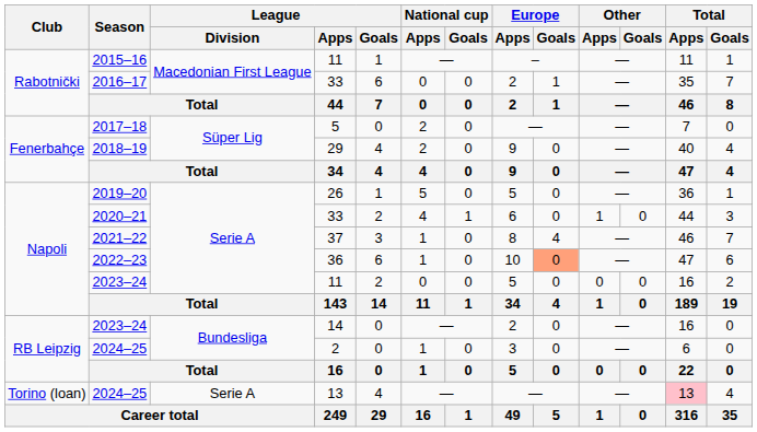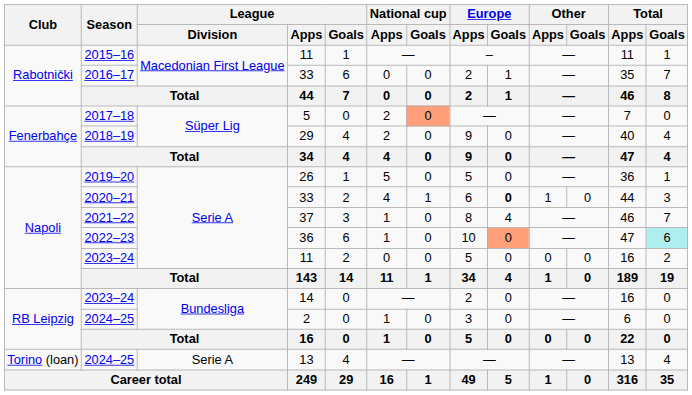 <table class="wikitable" style="text-align:center">
 <tr>
 <th rowspan="2">Club</th>
 <th rowspan="2">Season</th>
 <th colspan="3">League</th>
 <th colspan="2">National cup</th>
 <th colspan="2"><a href='#'>Europe</a></th>
 <th colspan="2">Other</th>
 <th colspan="2">Total</th>
 </tr>
 <tr>
 <th>Division</th>
 <th>Apps</th>
 <th>Goals</th>
 <th>Apps</th>
 <th>Goals</th>
 <th>Apps</th>
 <th>Goals</th>
 <th>Apps</th>
 <th>Goals</th>
 <th>Apps</th>
 <th>Goals</th>
 </tr>
 <tr>
 <td rowspan="3"><a href='#'>Rabotnički</a></td>
 <td><a href='#'>2015–16</a></td>
 <td rowspan="2"><a href='#'>Macedonian First League</a></td>
 <td>11</td>
 <td>1</td>
 <td colspan="2">—</td>
 <td colspan="2">–</td>
 <td colspan="2">—</td>
 <td>11</td>
 <td>1</td>
 </tr>
 <tr>
 <td><a href='#'>2016–17</a></td>
 <td>33</td>
 <td>6</td>
 <td>0</td>
 <td>0</td>
 <td>2</td>
 <td>1</td>
 <td colspan="2">—</td>
 <td>35</td>
 <td>7</td>
 </tr>
 <tr>
 <th colspan="2">Total</th>
 <th>44</th>
 <th>7</th>
 <th>0</th>
 <th>0</th>
 <th>2</th>
 <th>1</th>
 <th colspan="2">—</th>
 <th>46</th>
 <th>8</th>
 </tr>
 <tr>
 <td rowspan="3"><a href='#'>Fenerbahçe</a></td>
 <td><a href='#'>2017–18</a></td>
 <td rowspan="2"><a href='#'>Süper Lig</a></td>
 <td>5</td>
 <td>0</td>
 <td>2</td>
-<td>0</td>
+<td style="background: lightsalmon;">0</td>
 <td colspan="2">—</td>
 <td colspan="2">—</td>
 <td>7</td>
 <td>0</td>
 </tr>
 <tr>
 <td><a href='#'>2018–19</a></td>
 <td>29</td>
 <td>4</td>
 <td>2</td>
 <td>0</td>
 <td>9</td>
 <td>0</td>
 <td colspan="2">—</td>
 <td>40</td>
 <td>4</td>
 </tr>
 <tr>
 <th colspan="2">Total</th>
 <th>34</th>
 <th>4</th>
 <th>4</th>
 <th>0</th>
 <th>9</th>
 <th>0</th>
 <th colspan="2">—</th>
 <th>47</th>
 <th>4</th>
 </tr>
 <tr>
 <td rowspan="6"><a href='#'>Napoli</a></td>
 <td><a href='#'>2019–20</a></td>
 <td rowspan="5"><a href='#'>Serie A</a></td>
 <td>26</td>
 <td>1</td>
 <td>5</td>
 <td>0</td>
 <td>5</td>
 <td>0</td>
 <td colspan="2">—</td>
 <td>36</td>
 <td>1</td>
 </tr>
 <tr>
 <td><a href='#'>2020–21</a></td>
 <td>33</td>
 <td>2</td>
 <td>4</td>
 <td>1</td>
 <td>6</td>
-<td>0</td>
+<td><strong>0</strong></td>
 <td>1</td>
 <td>0</td>
 <td>44</td>
 <td>3</td>
 </tr>
 <tr>
 <td><a href='#'>2021–22</a></td>
 <td>37</td>
 <td>3</td>
 <td>1</td>
 <td>0</td>
 <td>8</td>
 <td>4</td>
 <td colspan="2">—</td>
 <td>46</td>
 <td>7</td>
 </tr>
 <tr>
 <td><a href='#'>2022–23</a></td>
 <td>36</td>
 <td>6</td>
 <td>1</td>
 <td>0</td>
 <td>10</td>
 <td style="background: lightsalmon;">0</td>
 <td colspan="2">—</td>
 <td>47</td>
-<td>6</td>
+<td style="background: paleturquoise;">6</td>
 </tr>
 <tr>
 <td><a href='#'>2023–24</a></td>
 <td>11</td>
 <td>2</td>
 <td>0</td>
 <td>0</td>
 <td>5</td>
 <td>0</td>
 <td>0</td>
 <td>0</td>
 <td>16</td>
 <td>2</td>
 </tr>
 <tr>
 <th colspan="2">Total</th>
 <th>143</th>
 <th>14</th>
 <th>11</th>
 <th>1</th>
 <th>34</th>
 <th>4</th>
 <th>1</th>
 <th>0</th>
 <th>189</th>
 <th>19</th>
 </tr>
 <tr>
 <td rowspan="3"><a href='#'>RB Leipzig</a></td>
 <td><a href='#'>2023–24</a></td>
 <td rowspan="2"><a href='#'>Bundesliga</a></td>
 <td>14</td>
 <td>0</td>
 <td colspan="2">—</td>
 <td>2</td>
 <td>0</td>
 <td colspan="2">—</td>
 <td>16</td>
 <td>0</td>
 </tr>
 <tr>
 <td><a href='#'>2024–25</a></td>
 <td>2</td>
 <td>0</td>
 <td>1</td>
 <td>0</td>
 <td>3</td>
 <td>0</td>
 <td colspan="2">—</td>
 <td>6</td>
 <td>0</td>
 </tr>
 <tr>
 <th colspan="2">Total</th>
 <th>16</th>
 <th>0</th>
 <th>1</th>
 <th>0</th>
 <th>5</th>
 <th>0</th>
 <th>0</th>
 <th>0</th>
 <th>22</th>
 <th>0</th>
 </tr>
 <tr>
 <td><a href='#'>Torino</a> (loan)</td>
 <td><a href='#'>2024–25</a></td>
 <td>Serie A</td>
 <td>13</td>
 <td>4</td>
 <td colspan="2">—</td>
 <td colspan="2">—</td>
 <td colspan="2">—</td>
-<td style="background: pink;">13</td>
+<td>13</td>
 <td>4</td>
 </tr>
 <tr>
 <th colspan="3">Career total</th>
 <th>249</th>
 <th>29</th>
 <th>16</th>
 <th>1</th>
 <th>49</th>
 <th>5</th>
 <th>1</th>
 <th>0</th>
 <th>316</th>
 <th>35</th>
 </tr>
 </table>
